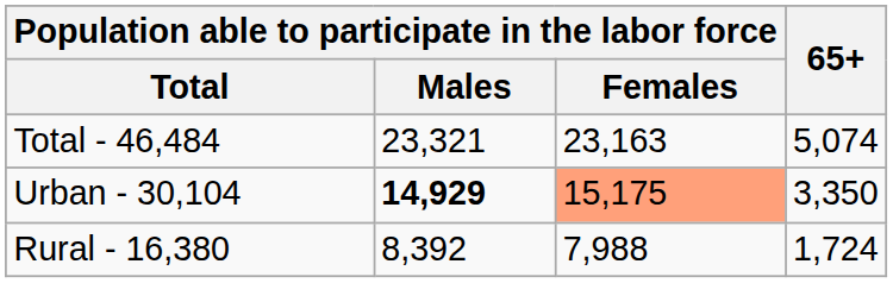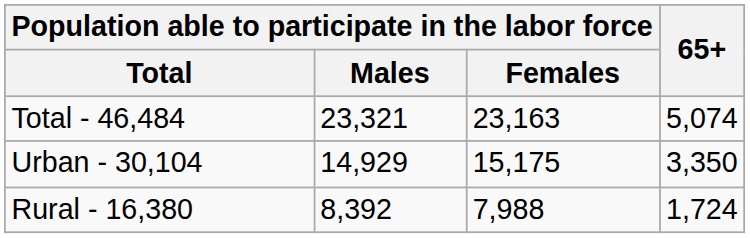 <table class="wikitable">
 <tr>
 <th colspan=3>Population able to participate in the labor force</th>
 <th rowspan=2>65+</th>
 </tr>
 <tr>
 <th>Total</th>
 <th>Males</th>
 <th>Females</th>
 </tr>
 <tr>
 <td>Total - 46,484</td>
 <td>23,321</td>
 <td>23,163</td>
 <td>5,074</td>
 </tr>
 <tr>
 <td>Urban - 30,104</td>
-<td><strong>14,929</strong></td>
-<td style="background: lightsalmon;">15,175</td>
+<td>14,929</td>
+<td>15,175</td>
 <td>3,350</td>
 </tr>
 <tr>
 <td>Rural - 16,380</td>
 <td>8,392</td>
 <td>7,988</td>
 <td>1,724</td>
 </tr>
 </table>
